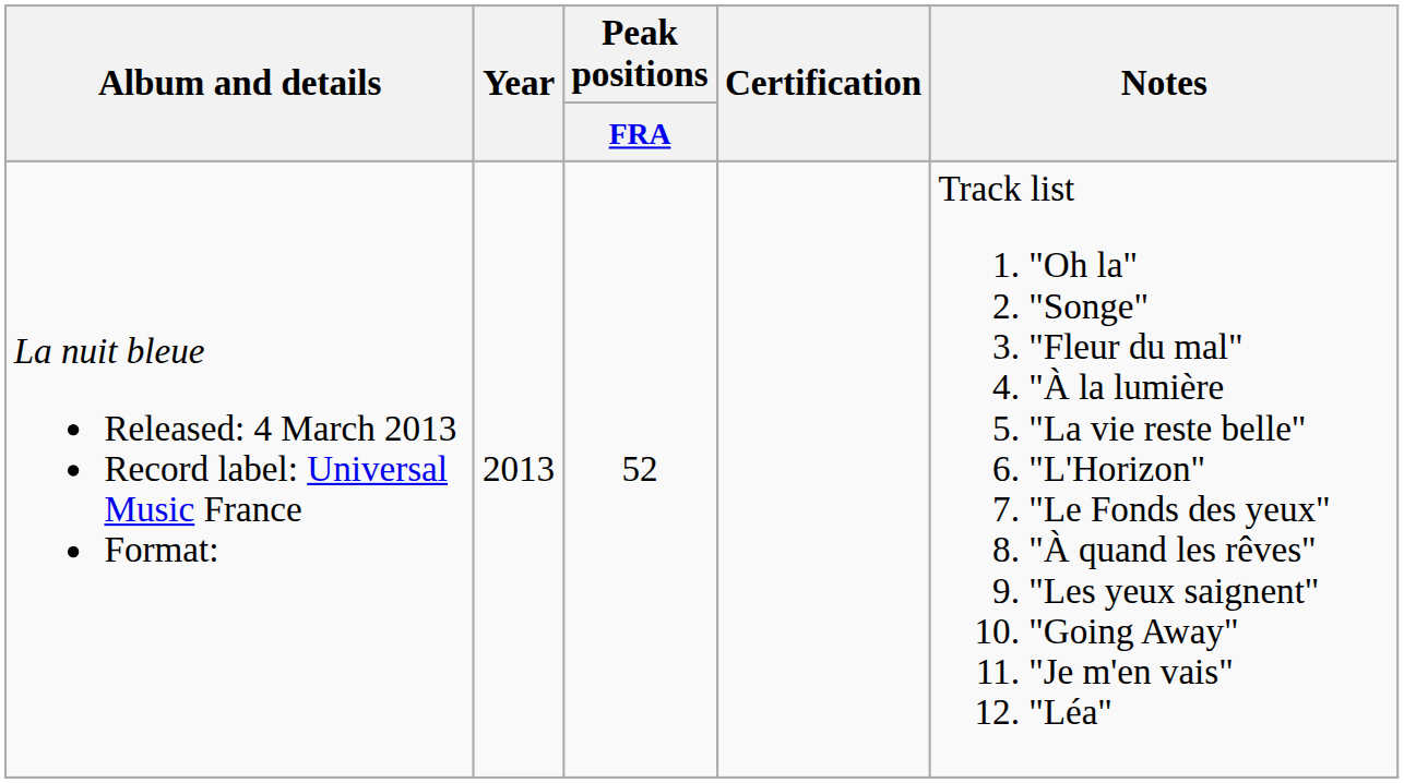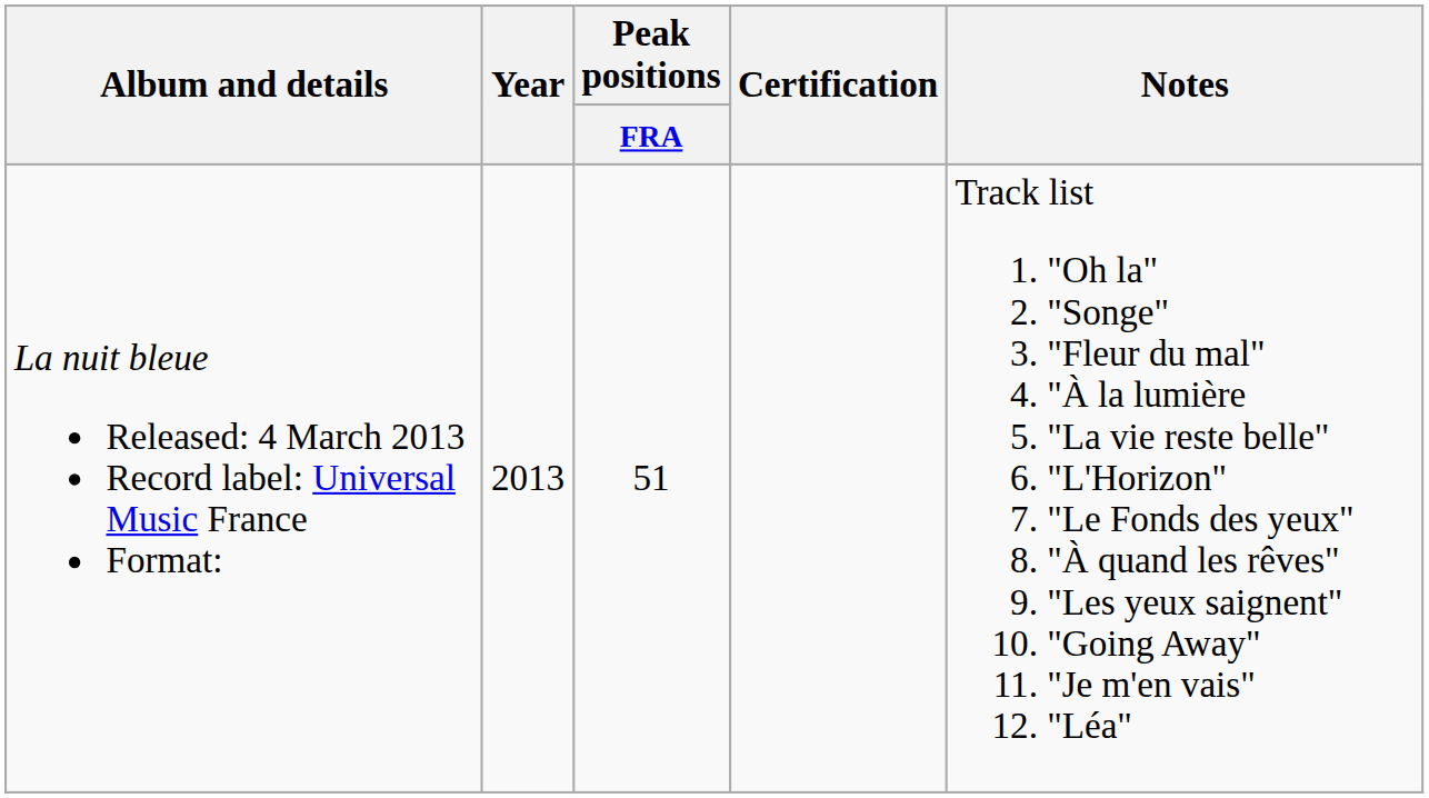 <table class="wikitable">
 <tr>
 <th align="center" rowspan="2" width="200">Album and details</th>
 <th align="center" rowspan="2" width="10">Year</th>
 <th align="center" colspan="1">Peak positions</th>
 <th align="center" rowspan="2" width="60">Certification</th>
 <th align="center" rowspan="2" width="200">Notes</th>
 </tr>
 <tr>
 <th width="20"><small><a href='#'>FRA</a></small><br></th>
 </tr>
 <tr>
 <td><em>La nuit bleue</em><br><ul><li>Released: 4 March 2013</li><li>Record label: <a href='#'>Universal Music</a> France</li><li>Format:</li></ul></td>
 <td align="center" rowspan="3">2013</td>
-<td align="center">52</td>
+<td align="center">51</td>
 <td align="center"></td>
 <td>Track list<br><ol><li>"Oh la"</li><li>"Songe"</li><li>"Fleur du mal"</li><li>"À la lumière</li><li>"La vie reste belle"</li><li>"L'Horizon"</li><li>"Le Fonds des yeux"</li><li>"À quand les rêves"</li><li>"Les yeux saignent"</li><li>"Going Away"</li><li>"Je m'en vais"</li><li>"Léa"</li></ol></td>
 </tr>
 <tr>
 </tr>
 </table>
